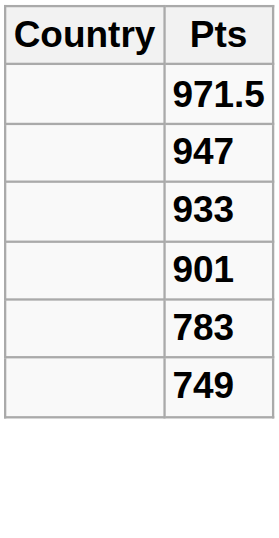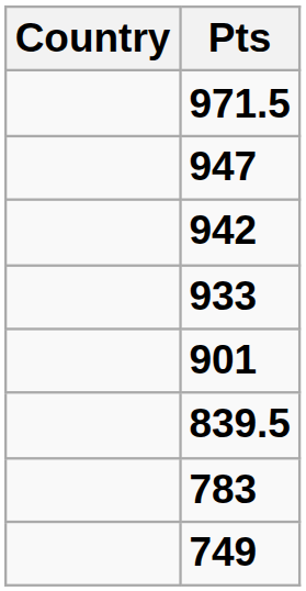 <table class="wikitable" style="display:inline-table;">
 <tr>
 <th>Country</th>
 <th>Pts</th>
 </tr>
 <tr>
 <td></td>
 <td><strong>971.5</strong></td>
 </tr>
 <tr>
 <td></td>
 <td><strong>947</strong></td>
 </tr>
 <tr>
 <td></td>
+<td><strong>942</strong></td>
+</tr>
+<tr>
+<td></td>
 <td><strong>933</strong></td>
 </tr>
 <tr>
 <td></td>
 <td><strong>901</strong></td>
+</tr>
+<tr>
+<td></td>
+<td><strong>839.5</strong></td>
 </tr>
 <tr>
 <td></td>
 <td><strong>783</strong></td>
 </tr>
 <tr>
 <td></td>
 <td><strong>749</strong></td>
 </tr>
 </table>
